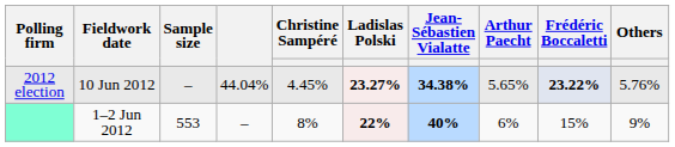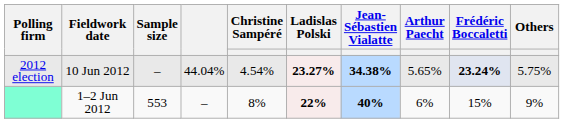 <table class="wikitable sortable" style="text-align:center;font-size:90%;line-height:14px;">
 <tr style="height:40px;">
 <th style="width:100px;" rowspan="2">Polling firm</th>
 <th style="width:110px;" rowspan="2">Fieldwork date</th>
 <th style="width:35px;" rowspan="2">Sample<br>size</th>
 <th style="width:30px;" rowspan="2"></th>
 <th class="unsortable" style="width:60px;">Christine Sampéré<br></th>
 <th class="unsortable" style="width:60px;">Ladislas Polski<br></th>
 <th class="unsortable" style="width:60px;"><a href='#'>Jean-Sébastien Vialatte</a><br></th>
 <th class="unsortable" style="width:60px;"><a href='#'>Arthur Paecht</a><br></th>
 <th class="unsortable" style="width:60px;"><a href='#'>Frédéric Boccaletti</a><br></th>
 <th class="unsortable" style="width:60px;">Others</th>
 </tr>
 <tr>
 <th style="background:"></th>
 <th style="background:"></th>
 <th style="background:"></th>
 <th style="background:"></th>
 <th style="background:"></th>
 <th style="background:"></th>
 </tr>
 <tr style="background:#E9E9E9;">
 <td><a href='#'>2012 election</a></td>
 <td data-sort-value="2012-06-10">10 Jun 2012</td>
 <td>–</td>
 <td>44.04%</td>
-<td>4.45%</td>
+<td>4.54%</td>
 <td style="background:#F8EBEB;"><strong>23.27%</strong></td>
 <td style="background:#B9DAFF;"><strong>34.38%</strong></td>
 <td>5.65%</td>
-<td style="background:#E0E5F0;"><strong>23.22%</strong></td>
-<td>5.76%</td>
+<td style="background:#E0E5F0;"><strong>23.24%</strong></td>
+<td>5.75%</td>
 </tr>
 <tr>
 <td style="background:aquamarine;"></td>
 <td data-sort-value="2012-06-02">1–2 Jun 2012</td>
 <td>553</td>
 <td>–</td>
 <td>8%</td>
 <td style="background:#F8EBEB;"><strong>22%</strong></td>
 <td style="background:#B9DAFF;"><strong>40%</strong></td>
 <td>6%</td>
 <td>15%</td>
 <td>9%</td>
 </tr>
 </table>
